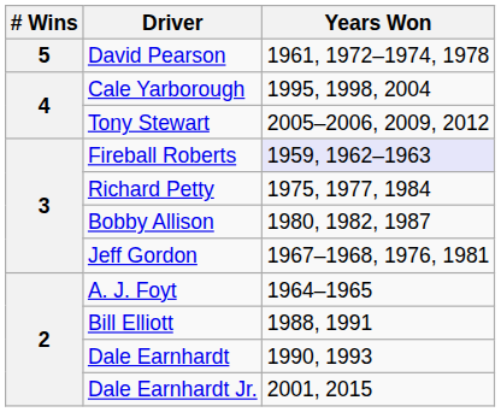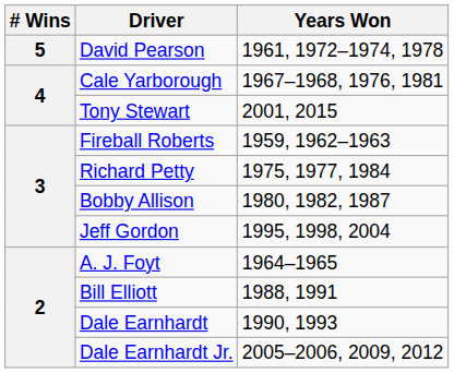 <table class="wikitable" style="font-size: 95%;">
 <tr>
 <th># Wins</th>
 <th>Driver</th>
 <th>Years Won</th>
 </tr>
 <tr>
 <th>5</th>
 <td><a href='#'>David Pearson</a></td>
 <td>1961, 1972–1974, 1978</td>
 </tr>
 <tr>
 <th rowspan="2">4</th>
 <td><a href='#'>Cale Yarborough</a></td>
-<td>1995, 1998, 2004</td>
+<td>1967–1968, 1976, 1981</td>
 </tr>
 <tr>
 <td><a href='#'>Tony Stewart</a></td>
-<td>2005–2006, 2009, 2012</td>
+<td>2001, 2015</td>
 </tr>
 <tr>
 <th rowspan="4">3</th>
 <td><a href='#'>Fireball Roberts</a></td>
-<td style="background: lavender;">1959, 1962–1963</td>
+<td>1959, 1962–1963</td>
 </tr>
 <tr>
 <td><a href='#'>Richard Petty</a></td>
 <td>1975, 1977, 1984</td>
 </tr>
 <tr>
 <td><a href='#'>Bobby Allison</a></td>
 <td>1980, 1982, 1987</td>
 </tr>
 <tr>
 <td><a href='#'>Jeff Gordon</a></td>
-<td>1967–1968, 1976, 1981</td>
+<td>1995, 1998, 2004</td>
 </tr>
 <tr>
 <th rowspan="4">2</th>
 <td><a href='#'>A. J. Foyt</a></td>
 <td>1964–1965</td>
 </tr>
 <tr>
 <td><a href='#'>Bill Elliott</a></td>
 <td>1988, 1991</td>
 </tr>
 <tr>
 <td><a href='#'>Dale Earnhardt</a></td>
 <td>1990, 1993</td>
 </tr>
 <tr>
 <td><a href='#'>Dale Earnhardt Jr.</a></td>
-<td>2001, 2015</td>
+<td>2005–2006, 2009, 2012</td>
 </tr>
 </table>
